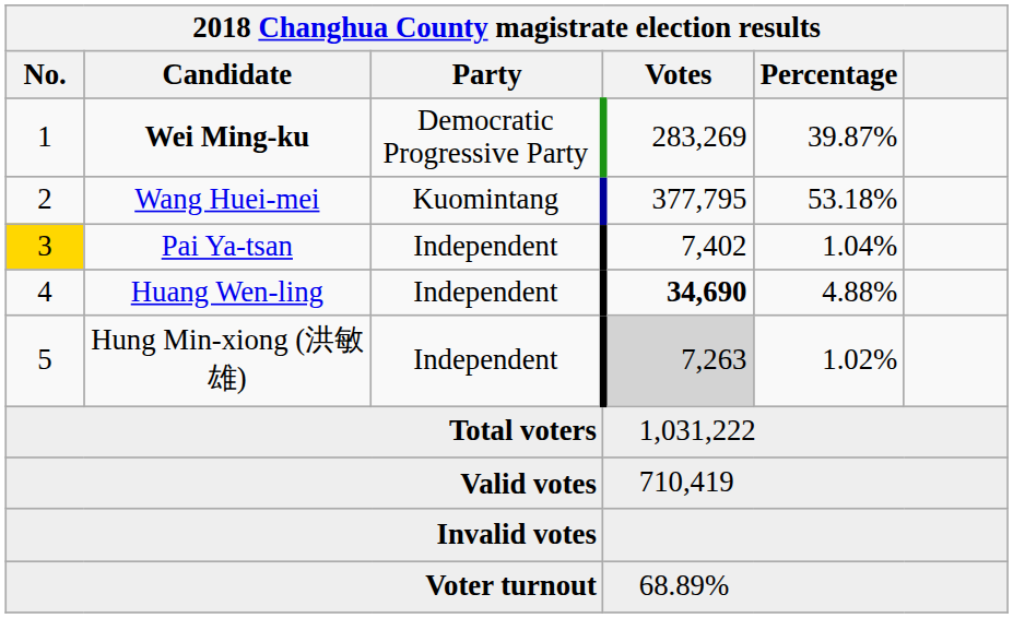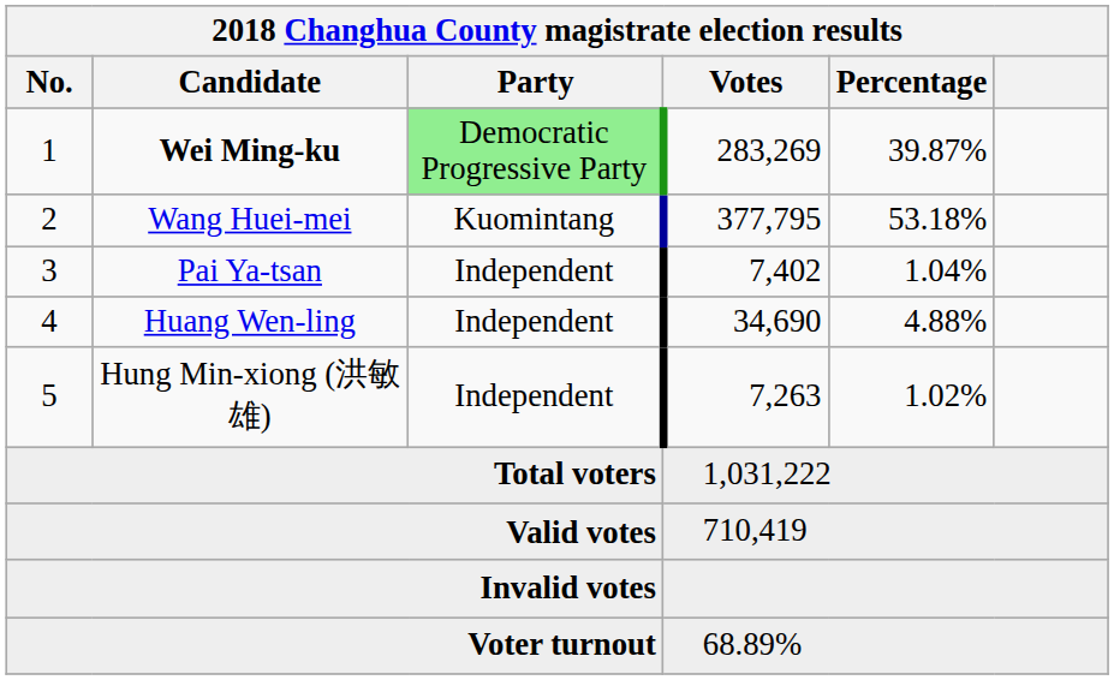 <table class="wikitable collapsible" style="text-align:center;margin:1em auto;">
 <tr>
 <th colspan="6">2018 <a href='#'>Changhua County</a> magistrate election results</th>
 </tr>
 <tr>
 <th width=35>No.</th>
 <th width=150>Candidate</th>
 <th width=120>Party</th>
 <th width=75>Votes</th>
 <th width=75>Percentage</th>
 <th width=49></th>
 </tr>
 <tr>
 <td>1</td>
 <td><strong>Wei Ming-ku</strong></td>
-<td>Democratic Progressive Party</td>
+<td style="background: lightgreen;">Democratic Progressive Party</td>
 <td style="border-left:4px solid #1B9413;" align="right">283,269</td>
 <td align="right">39.87%</td>
 <td align="center"></td>
 </tr>
 <tr>
 <td>2</td>
 <td><a href='#'>Wang Huei-mei</a></td>
 <td> Kuomintang</td>
 <td style="border-left:4px solid #000099;" align="right">377,795</td>
 <td align="right">53.18%</td>
 <td align="center"></td>
 </tr>
 <tr>
-<td style="background: gold;">3</td>
+<td>3</td>
 <td><a href='#'>Pai Ya-tsan</a></td>
 <td> Independent</td>
 <td style="border-left:4px solid #000000;" align="right">7,402</td>
 <td align="right">1.04%</td>
 <td align="center"></td>
 </tr>
 <tr>
 <td>4</td>
 <td><a href='#'>Huang Wen-ling</a></td>
 <td> Independent</td>
-<td style="border-left:4px solid #000000;" align="right"><strong>34,690</strong></td>
+<td style="border-left:4px solid #000000;" align="right">34,690</td>
 <td align="right">4.88%</td>
 <td align="center"></td>
 </tr>
 <tr>
 <td>5</td>
 <td>Hung Min-xiong (洪敏雄)</td>
 <td> Independent</td>
-<td style="background: lightgrey; border-left:4px solid #000000;" align="right">7,263</td>
+<td style="border-left:4px solid #000000;" align="right">7,263</td>
 <td align="right">1.02%</td>
 <td align="center"></td>
 </tr>
 <tr bgcolor=EEEEEE>
 <td colspan="3" align="right"><strong>Total voters</strong></td>
 <td colspan="3" align="left">　1,031,222</td>
 </tr>
 <tr bgcolor=EEEEEE>
 <td colspan="3" align="right"><strong>Valid votes</strong></td>
 <td colspan="3" align="left">　710,419</td>
 </tr>
 <tr bgcolor=EEEEEE>
 <td colspan="3" align="right"><strong>Invalid votes</strong></td>
 <td colspan="3" align="left">　</td>
 </tr>
 <tr bgcolor=EEEEEE>
 <td colspan="3" align="right"><strong>Voter turnout</strong></td>
 <td colspan="3" align="left">　68.89%</td>
 </tr>
 </table>
